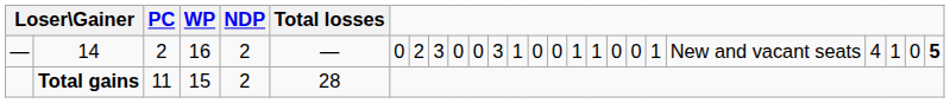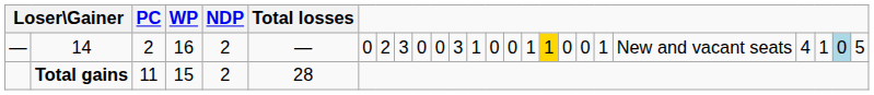 <table class="wikitable">
 <tr>
 <th colspan=2>Loser\Gainer</th>
 <th><a href='#'>PC</a></th>
 <th><a href='#'>WP</a></th>
 <th><a href='#'>NDP</a></th>
 <th>Total losses</th>
 </tr>
 <tr>
 <td style="text-align:center;">—</td>
 <td style="text-align:center;">14</td>
 <td style="text-align:center;">2</td>
 <td style="text-align:center;">16<br></td>
 <td style="text-align:center;">2</td>
 <td style="text-align:center;">—</td>
 <td style="text-align:center;">0</td>
 <td style="text-align:center;">2<br></td>
 <td style="text-align:center;">3</td>
 <td style="text-align:center;">0</td>
 <td style="text-align:center;">0</td>
 <td style="text-align:center;">3<br></td>
 <td style="text-align:center;">1</td>
 <td style="text-align:center;">0</td>
 <td style="text-align:center;">0</td>
 <td style="text-align:center;">1<br></td>
-<td style="text-align:center;">1</td>
+<td style="background: gold; text-align:center;">1</td>
 <td style="text-align:center;">0</td>
 <td style="text-align:center;">0</td>
 <td style="text-align:center;">1<br></td>
 <td>New and vacant seats</td>
 <td style="text-align:center;">4</td>
 <td style="text-align:center;">1</td>
-<td style="text-align:center;">0</td>
-<td style="text-align:center;"><strong>5</strong></td>
+<td style="background: lightblue; text-align:center;">0</td>
+<td style="text-align:center;">5</td>
 </tr>
 <tr>
 <td></td>
 <td style="text-align:center;"><strong>Total gains</strong></td>
 <td style="text-align:center;">11</td>
 <td style="text-align:center;">15</td>
 <td style="text-align:center;">2</td>
 <td style="text-align:center;">28</td>
 </tr>
 </table>
